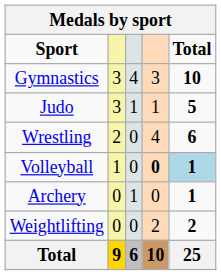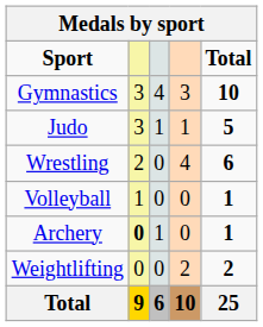 <table class=wikitable style="font-size:95%; float:right">
 <tr bgcolor=efefef>
 <th colspan=7><strong>Medals by sport</strong></th>
 </tr>
 <tr align=center>
 <td><strong>Sport</strong></td>
 <td bgcolor=f7f6a8></td>
 <td bgcolor=dce5e5></td>
 <td bgcolor=ffdab9></td>
 <td><strong>Total</strong></td>
 </tr>
 <tr align=center>
 <td><a href='#'>Gymnastics</a></td>
 <td style="background:#F7F6A8;">3</td>
 <td style="background:#DCE5E5;">4</td>
 <td style="background:#FFDAB9;">3</td>
 <td><strong>10</strong></td>
 </tr>
 <tr align=center>
 <td><a href='#'>Judo</a></td>
 <td style="background:#F7F6A8;">3</td>
 <td style="background:#DCE5E5;">1</td>
 <td style="background:#FFDAB9;">1</td>
 <td><strong>5</strong></td>
 </tr>
 <tr align=center>
 <td><a href='#'>Wrestling</a></td>
 <td style="background:#F7F6A8;">2</td>
 <td style="background:#DCE5E5;">0</td>
 <td style="background:#FFDAB9;">4</td>
 <td><strong>6</strong></td>
 </tr>
 <tr align=center>
 <td><a href='#'>Volleyball</a></td>
 <td style="background:#F7F6A8;">1</td>
 <td style="background:#DCE5E5;">0</td>
-<td style="background:#FFDAB9;"><strong>0</strong></td>
-<td style="background: lightblue;"><strong>1</strong></td>
+<td style="background:#FFDAB9;">0</td>
+<td><strong>1</strong></td>
 </tr>
 <tr align=center>
 <td><a href='#'>Archery</a></td>
-<td style="background:#F7F6A8;">0</td>
+<td style="background:#F7F6A8;"><strong>0</strong></td>
 <td style="background:#DCE5E5;">1</td>
 <td style="background:#FFDAB9;">0</td>
 <td><strong>1</strong></td>
 </tr>
 <tr align=center>
 <td><a href='#'>Weightlifting</a></td>
 <td style="background:#F7F6A8;">0</td>
 <td style="background:#DCE5E5;">0</td>
 <td style="background:#FFDAB9;">2</td>
 <td><strong>2</strong></td>
 </tr>
 <tr align=center>
 <th>Total</th>
 <th style="background:gold">9</th>
 <th style="background:silver">6</th>
 <th style="background:#c96">10</th>
 <th>25</th>
 </tr>
 </table>
